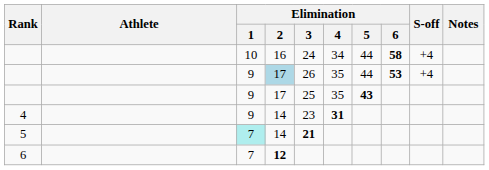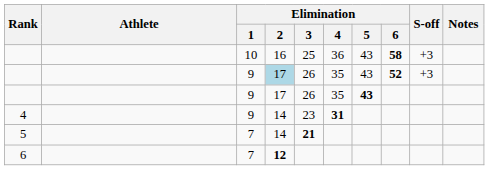 <table class="wikitable" style="text-align:center">
 <tr>
 <th rowspan=2 width=40>Rank</th>
 <th rowspan=2 width=250>Athlete</th>
 <th colspan=6>Elimination</th>
 <th rowspan=2 width=35>S-off</th>
 <th rowspan=2 width=45>Notes</th>
 </tr>
 <tr>
 <th width=30>1</th>
 <th width=30>2</th>
 <th width=30>3</th>
 <th width=30>4</th>
 <th width=30>5</th>
 <th width=30>6</th>
 </tr>
 <tr>
 <td></td>
 <td align=left></td>
 <td>10</td>
 <td>16</td>
-<td>24</td>
-<td>34</td>
-<td>44</td>
+<td>25</td>
+<td>36</td>
+<td>43</td>
 <td><strong>58</strong></td>
-<td>+4</td>
+<td>+3</td>
 <td></td>
 </tr>
 <tr>
 <td></td>
 <td align=left></td>
 <td>9</td>
 <td style="background: lightblue;">17</td>
 <td>26</td>
 <td>35</td>
-<td>44</td>
-<td><strong>53</strong></td>
-<td>+4</td>
+<td>43</td>
+<td><strong>52</strong></td>
+<td>+3</td>
 <td></td>
 </tr>
 <tr>
 <td></td>
 <td align=left></td>
 <td>9</td>
 <td>17</td>
-<td>25</td>
+<td>26</td>
 <td>35</td>
 <td><strong>43</strong></td>
 <td></td>
 <td></td>
 <td></td>
 </tr>
 <tr>
 <td>4</td>
 <td align=left></td>
 <td>9</td>
 <td>14</td>
 <td>23</td>
 <td><strong>31</strong></td>
 <td></td>
 <td></td>
 <td></td>
 <td></td>
 </tr>
 <tr>
 <td>5</td>
 <td align=left></td>
-<td style="background: paleturquoise;">7</td>
+<td>7</td>
 <td>14</td>
 <td><strong>21</strong></td>
 <td></td>
 <td></td>
 <td></td>
 <td></td>
 <td></td>
 </tr>
 <tr>
 <td>6</td>
 <td align=left></td>
 <td>7</td>
 <td><strong>12</strong></td>
 <td></td>
 <td></td>
 <td></td>
 <td></td>
 <td></td>
 <td></td>
 </tr>
 </table>
